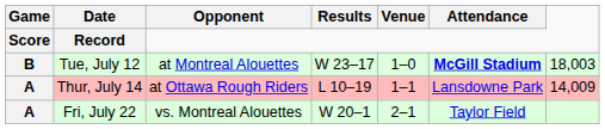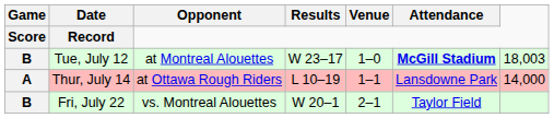 <table class="wikitable" style="text-align:center">
 <tr>
 <th>Game</th>
 <th>Date</th>
 <th>Opponent</th>
 <th>Results</th>
 <th>Venue</th>
 <th>Attendance</th>
 </tr>
 <tr>
 <th>Score</th>
 <th>Record</th>
 </tr>
 <tr style="background:#ddffdd">
 <th>B</th>
 <td>Tue, July 12</td>
 <td>at <a href='#'>Montreal Alouettes</a></td>
 <td>W 23–17</td>
 <td>1–0</td>
 <td><strong><a href='#'>McGill Stadium</a></strong></td>
 <td>18,003</td>
 </tr>
 <tr style="background:#ffbbbb">
 <th>A</th>
 <td>Thur, July 14</td>
 <td>at <a href='#'>Ottawa Rough Riders</a></td>
 <td>L 10–19</td>
 <td>1–1</td>
 <td><a href='#'>Lansdowne Park</a></td>
-<td>14,009</td>
+<td>14,000</td>
 </tr>
 <tr style="background:#ddffdd">
-<th>A</th>
+<th>B</th>
 <td>Fri, July 22</td>
 <td>vs. Montreal Alouettes</td>
 <td>W 20–1</td>
 <td>2–1</td>
 <td><a href='#'>Taylor Field</a></td>
 <td></td>
 </tr>
 </table>
